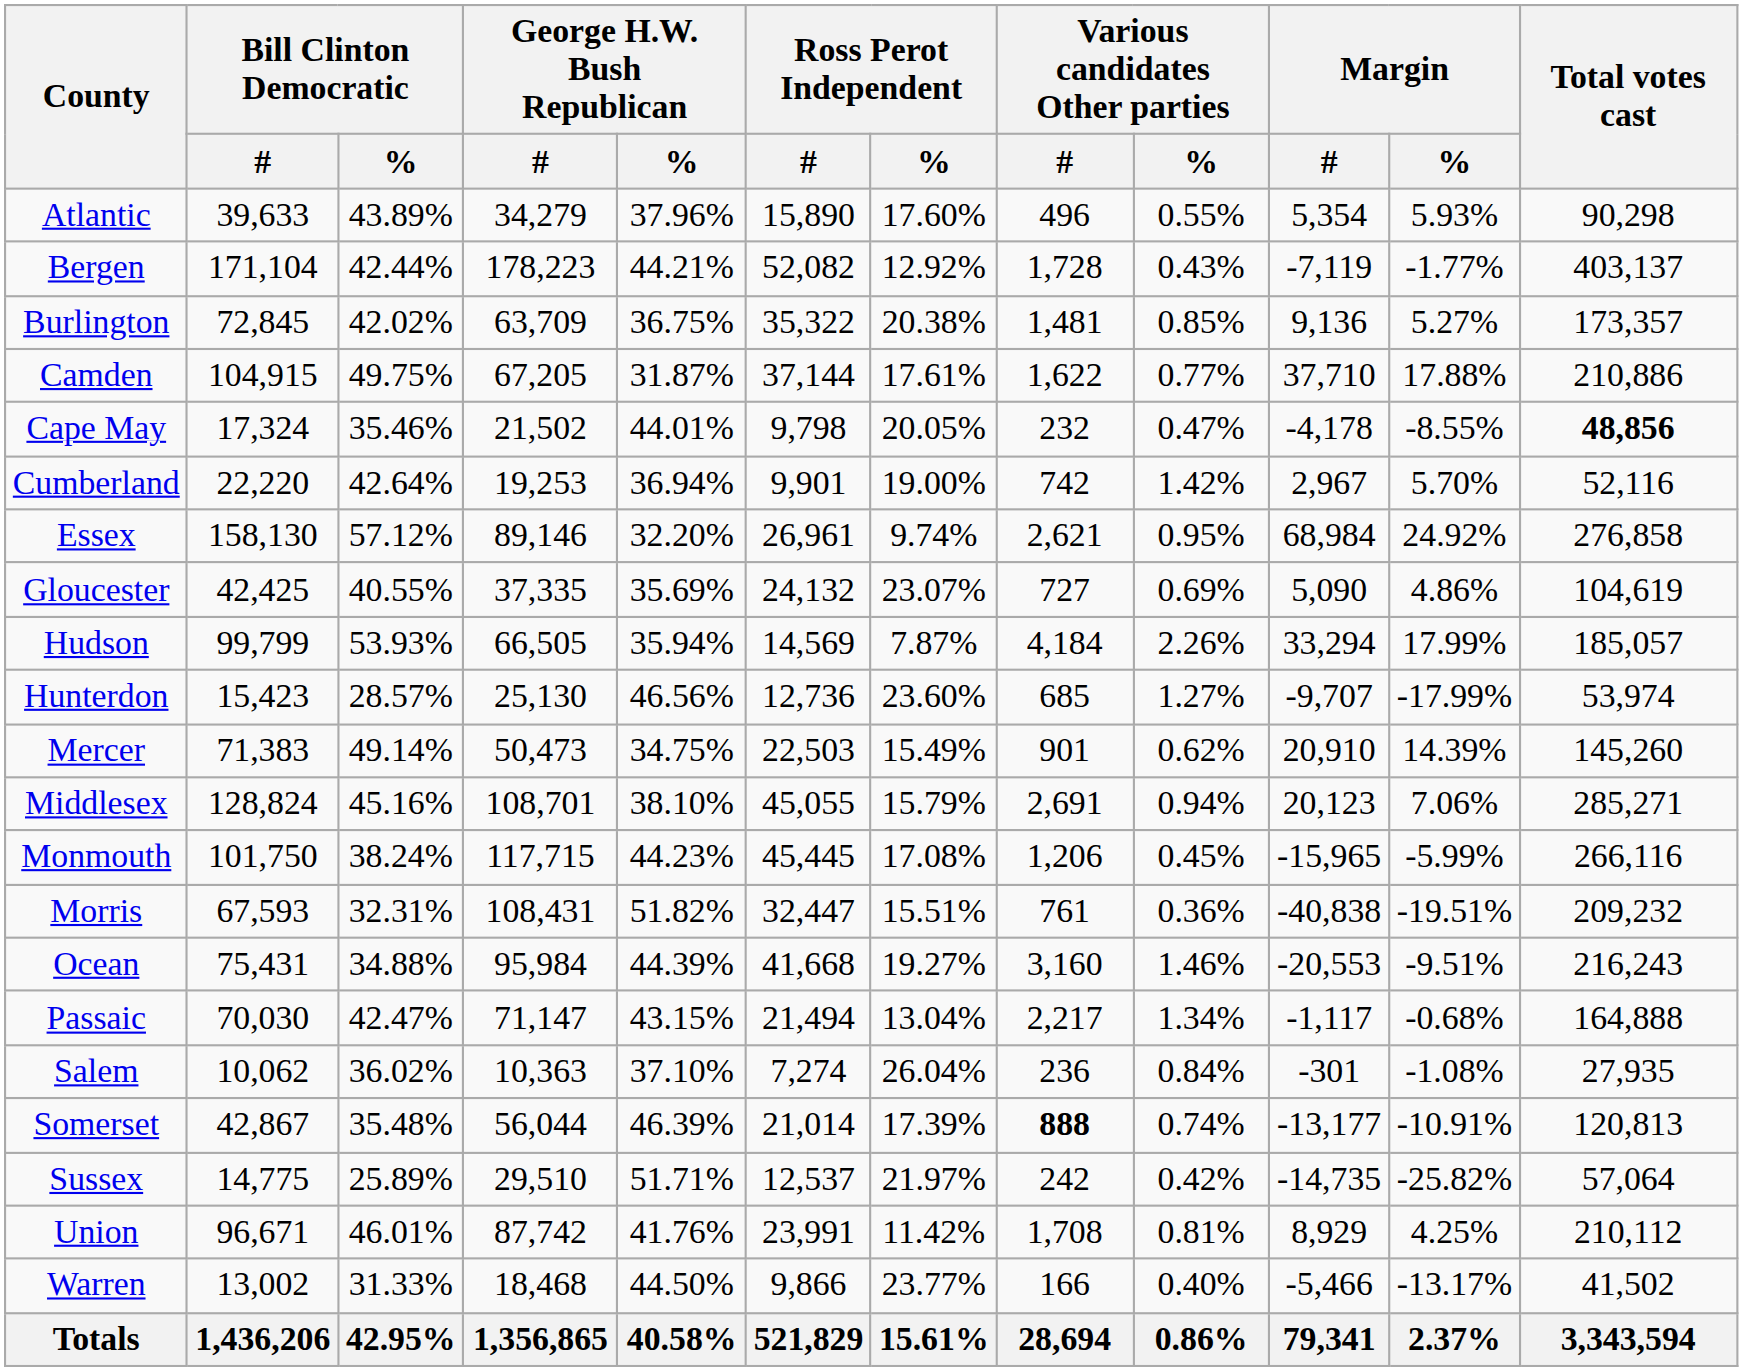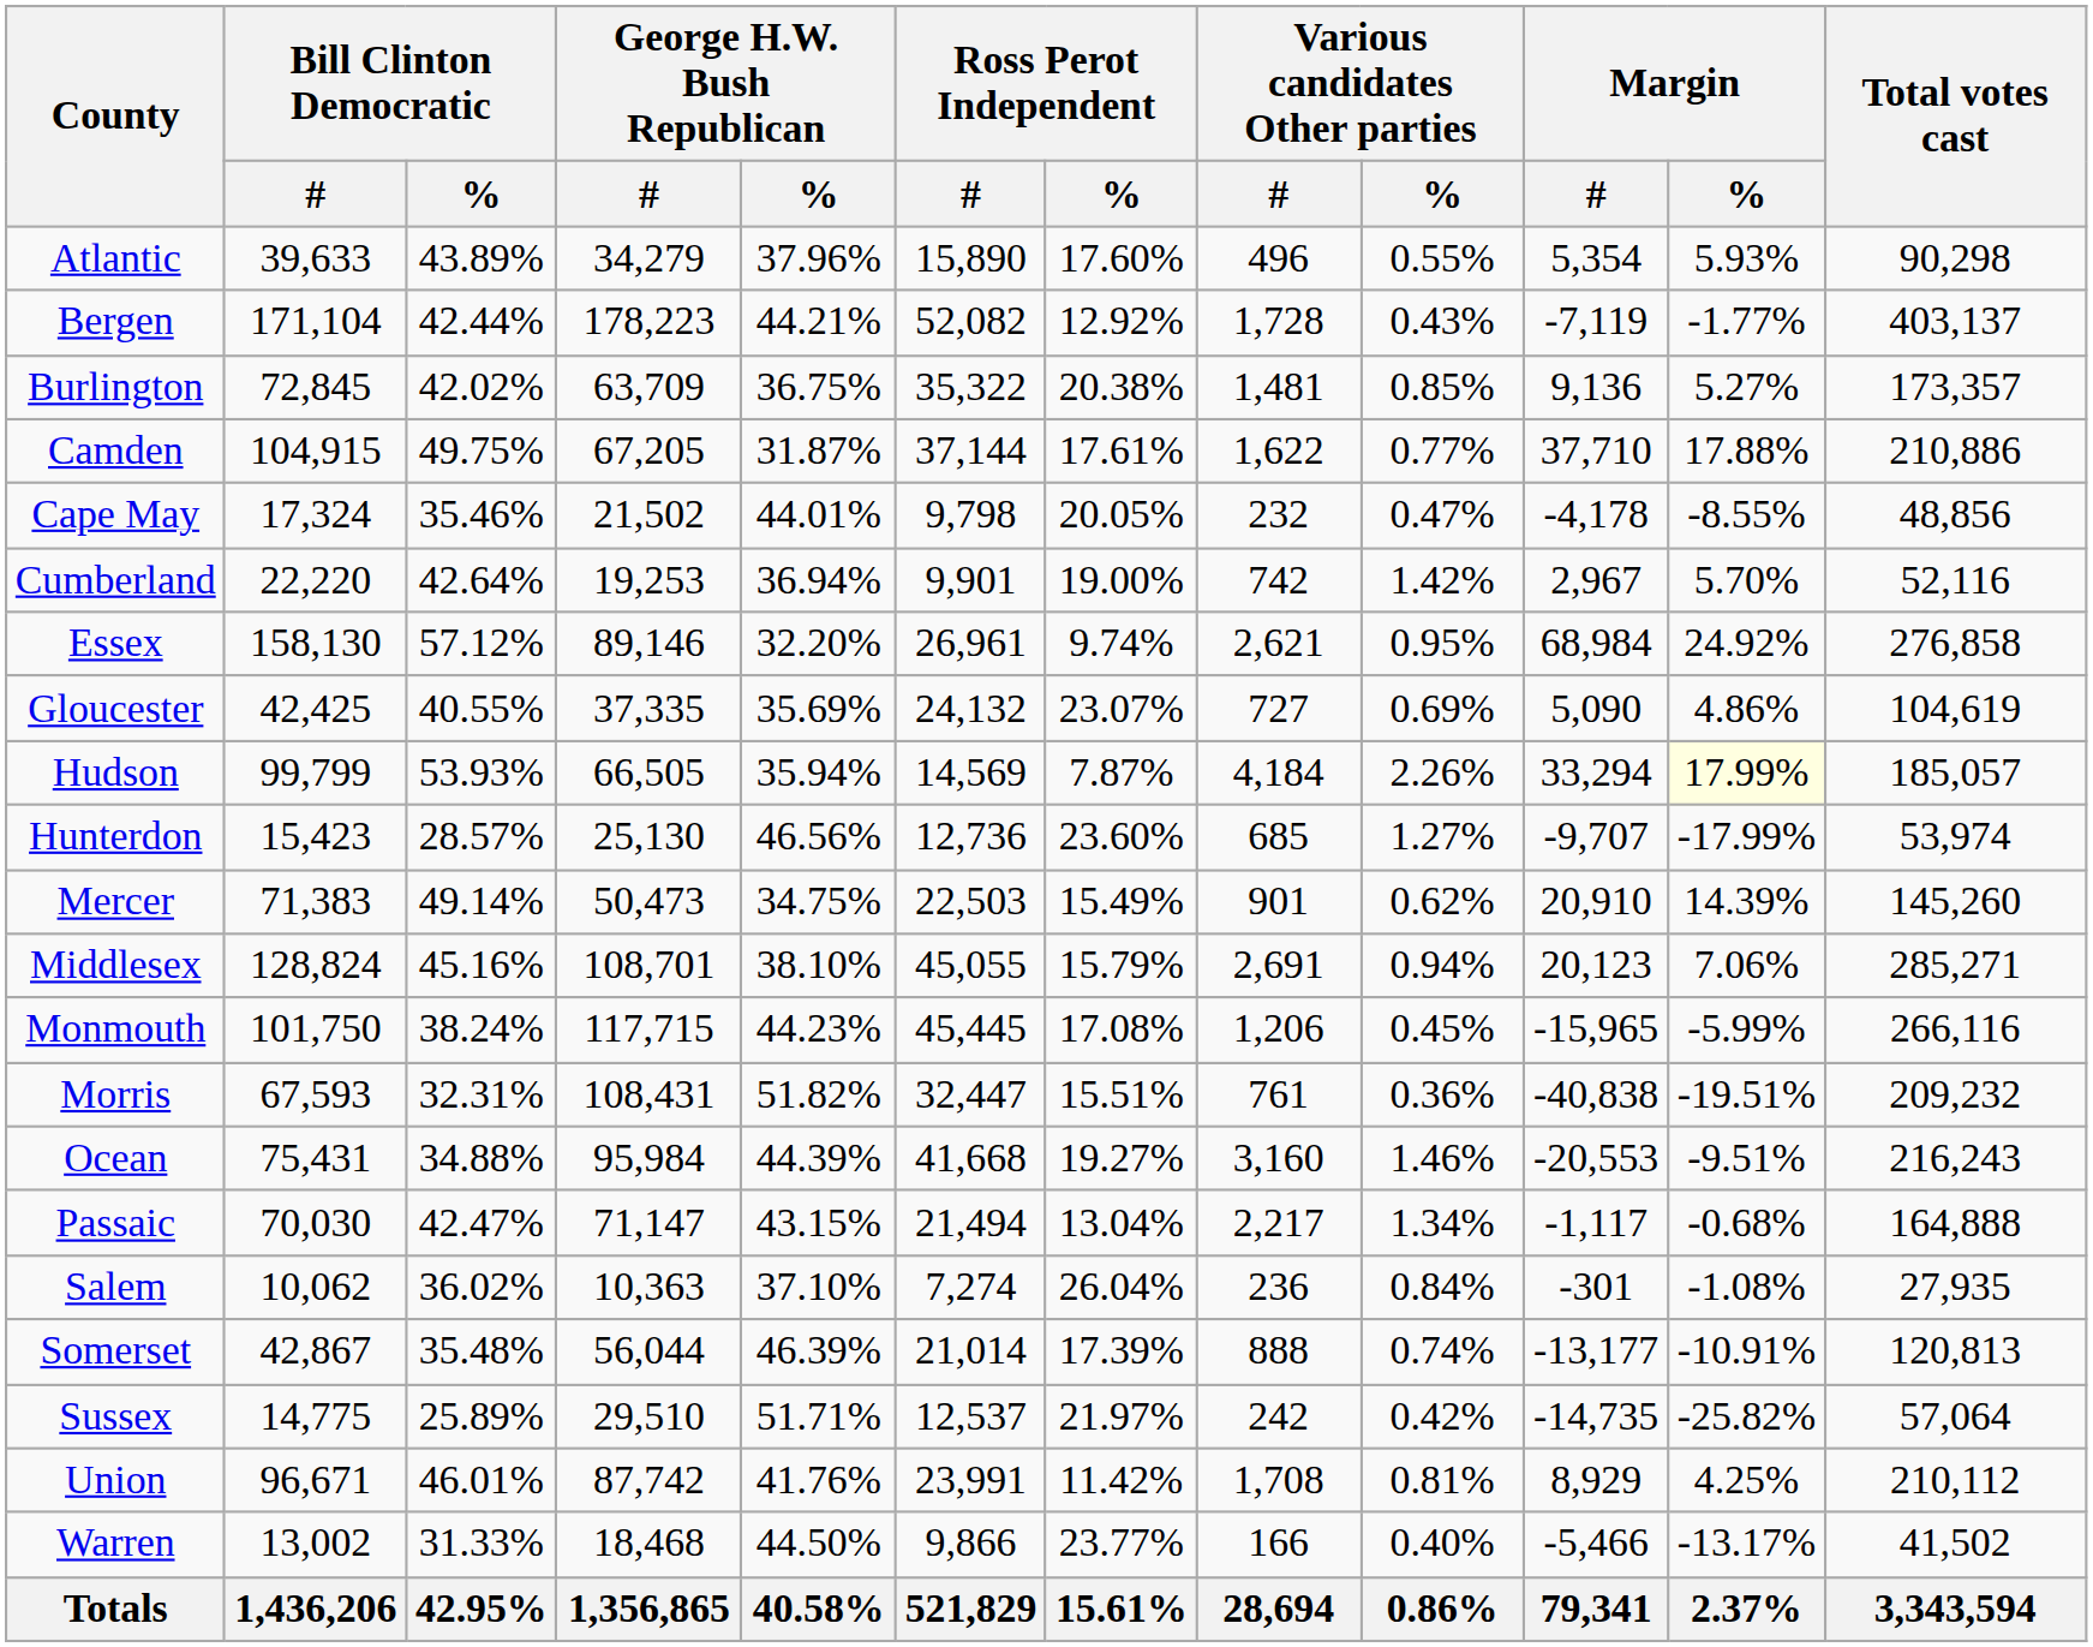 <table width="65%" class="wikitable sortable" style="text-align:center">
 <tr>
 <th style="text-align:center;" rowspan="2">County</th>
 <th style="text-align:center;" colspan="2">Bill Clinton<br>Democratic</th>
 <th style="text-align:center;" colspan="2">George H.W. Bush<br>Republican</th>
 <th style="text-align:center;" colspan="2">Ross Perot<br>Independent</th>
 <th style="text-align:center;" colspan="2">Various candidates<br>Other parties</th>
 <th style="text-align:center;" colspan="2">Margin</th>
 <th style="text-align:center;" rowspan="2">Total votes cast</th>
 </tr>
 <tr>
 <th style="text-align:center;" data-sort-type="number">#</th>
 <th style="text-align:center;" data-sort-type="number">%</th>
 <th style="text-align:center;" data-sort-type="number">#</th>
 <th style="text-align:center;" data-sort-type="number">%</th>
 <th style="text-align:center;" data-sort-type="number">#</th>
 <th style="text-align:center;" data-sort-type="number">%</th>
 <th style="text-align:center;" data-sort-type="number">#</th>
 <th style="text-align:center;" data-sort-type="number">%</th>
 <th style="text-align:center;" data-sort-type="number">#</th>
 <th style="text-align:center;" data-sort-type="number">%</th>
 </tr>
 <tr style="text-align:center;">
 <td><a href='#'>Atlantic</a></td>
 <td>39,633</td>
 <td>43.89%</td>
 <td>34,279</td>
 <td>37.96%</td>
 <td>15,890</td>
 <td>17.60%</td>
 <td>496</td>
 <td>0.55%</td>
 <td>5,354</td>
 <td>5.93%</td>
 <td>90,298</td>
 </tr>
 <tr style="text-align:center;">
 <td><a href='#'>Bergen</a></td>
 <td>171,104</td>
 <td>42.44%</td>
 <td>178,223</td>
 <td>44.21%</td>
 <td>52,082</td>
 <td>12.92%</td>
 <td>1,728</td>
 <td>0.43%</td>
 <td>-7,119</td>
 <td>-1.77%</td>
 <td>403,137</td>
 </tr>
 <tr style="text-align:center;">
 <td><a href='#'>Burlington</a></td>
 <td>72,845</td>
 <td>42.02%</td>
 <td>63,709</td>
 <td>36.75%</td>
 <td>35,322</td>
 <td>20.38%</td>
 <td>1,481</td>
 <td>0.85%</td>
 <td>9,136</td>
 <td>5.27%</td>
 <td>173,357</td>
 </tr>
 <tr style="text-align:center;">
 <td><a href='#'>Camden</a></td>
 <td>104,915</td>
 <td>49.75%</td>
 <td>67,205</td>
 <td>31.87%</td>
 <td>37,144</td>
 <td>17.61%</td>
 <td>1,622</td>
 <td>0.77%</td>
 <td>37,710</td>
 <td>17.88%</td>
 <td>210,886</td>
 </tr>
 <tr style="text-align:center;">
 <td><a href='#'>Cape May</a></td>
 <td>17,324</td>
 <td>35.46%</td>
 <td>21,502</td>
 <td>44.01%</td>
 <td>9,798</td>
 <td>20.05%</td>
 <td>232</td>
 <td>0.47%</td>
 <td>-4,178</td>
 <td>-8.55%</td>
-<td><strong>48,856</strong></td>
+<td>48,856</td>
 </tr>
 <tr style="text-align:center;">
 <td><a href='#'>Cumberland</a></td>
 <td>22,220</td>
 <td>42.64%</td>
 <td>19,253</td>
 <td>36.94%</td>
 <td>9,901</td>
 <td>19.00%</td>
 <td>742</td>
 <td>1.42%</td>
 <td>2,967</td>
 <td>5.70%</td>
 <td>52,116</td>
 </tr>
 <tr style="text-align:center;">
 <td><a href='#'>Essex</a></td>
 <td>158,130</td>
 <td>57.12%</td>
 <td>89,146</td>
 <td>32.20%</td>
 <td>26,961</td>
 <td>9.74%</td>
 <td>2,621</td>
 <td>0.95%</td>
 <td>68,984</td>
 <td>24.92%</td>
 <td>276,858</td>
 </tr>
 <tr style="text-align:center;">
 <td><a href='#'>Gloucester</a></td>
 <td>42,425</td>
 <td>40.55%</td>
 <td>37,335</td>
 <td>35.69%</td>
 <td>24,132</td>
 <td>23.07%</td>
 <td>727</td>
 <td>0.69%</td>
 <td>5,090</td>
 <td>4.86%</td>
 <td>104,619</td>
 </tr>
 <tr style="text-align:center;">
 <td><a href='#'>Hudson</a></td>
 <td>99,799</td>
 <td>53.93%</td>
 <td>66,505</td>
 <td>35.94%</td>
 <td>14,569</td>
 <td>7.87%</td>
 <td>4,184</td>
 <td>2.26%</td>
 <td>33,294</td>
-<td>17.99%</td>
+<td style="background: lightyellow;">17.99%</td>
 <td>185,057</td>
 </tr>
 <tr style="text-align:center;">
 <td><a href='#'>Hunterdon</a></td>
 <td>15,423</td>
 <td>28.57%</td>
 <td>25,130</td>
 <td>46.56%</td>
 <td>12,736</td>
 <td>23.60%</td>
 <td>685</td>
 <td>1.27%</td>
 <td>-9,707</td>
 <td>-17.99%</td>
 <td>53,974</td>
 </tr>
 <tr style="text-align:center;">
 <td><a href='#'>Mercer</a></td>
 <td>71,383</td>
 <td>49.14%</td>
 <td>50,473</td>
 <td>34.75%</td>
 <td>22,503</td>
 <td>15.49%</td>
 <td>901</td>
 <td>0.62%</td>
 <td>20,910</td>
 <td>14.39%</td>
 <td>145,260</td>
 </tr>
 <tr style="text-align:center;">
 <td><a href='#'>Middlesex</a></td>
 <td>128,824</td>
 <td>45.16%</td>
 <td>108,701</td>
 <td>38.10%</td>
 <td>45,055</td>
 <td>15.79%</td>
 <td>2,691</td>
 <td>0.94%</td>
 <td>20,123</td>
 <td>7.06%</td>
 <td>285,271</td>
 </tr>
 <tr style="text-align:center;">
 <td><a href='#'>Monmouth</a></td>
 <td>101,750</td>
 <td>38.24%</td>
 <td>117,715</td>
 <td>44.23%</td>
 <td>45,445</td>
 <td>17.08%</td>
 <td>1,206</td>
 <td>0.45%</td>
 <td>-15,965</td>
 <td>-5.99%</td>
 <td>266,116</td>
 </tr>
 <tr style="text-align:center;">
 <td><a href='#'>Morris</a></td>
 <td>67,593</td>
 <td>32.31%</td>
 <td>108,431</td>
 <td>51.82%</td>
 <td>32,447</td>
 <td>15.51%</td>
 <td>761</td>
 <td>0.36%</td>
 <td>-40,838</td>
 <td>-19.51%</td>
 <td>209,232</td>
 </tr>
 <tr style="text-align:center;">
 <td><a href='#'>Ocean</a></td>
 <td>75,431</td>
 <td>34.88%</td>
 <td>95,984</td>
 <td>44.39%</td>
 <td>41,668</td>
 <td>19.27%</td>
 <td>3,160</td>
 <td>1.46%</td>
 <td>-20,553</td>
 <td>-9.51%</td>
 <td>216,243</td>
 </tr>
 <tr style="text-align:center;">
 <td><a href='#'>Passaic</a></td>
 <td>70,030</td>
 <td>42.47%</td>
 <td>71,147</td>
 <td>43.15%</td>
 <td>21,494</td>
 <td>13.04%</td>
 <td>2,217</td>
 <td>1.34%</td>
 <td>-1,117</td>
 <td>-0.68%</td>
 <td>164,888</td>
 </tr>
 <tr style="text-align:center;">
 <td><a href='#'>Salem</a></td>
 <td>10,062</td>
 <td>36.02%</td>
 <td>10,363</td>
 <td>37.10%</td>
 <td>7,274</td>
 <td>26.04%</td>
 <td>236</td>
 <td>0.84%</td>
 <td>-301</td>
 <td>-1.08%</td>
 <td>27,935</td>
 </tr>
 <tr style="text-align:center;">
 <td><a href='#'>Somerset</a></td>
 <td>42,867</td>
 <td>35.48%</td>
 <td>56,044</td>
 <td>46.39%</td>
 <td>21,014</td>
 <td>17.39%</td>
-<td><strong>888</strong></td>
+<td>888</td>
 <td>0.74%</td>
 <td>-13,177</td>
 <td>-10.91%</td>
 <td>120,813</td>
 </tr>
 <tr style="text-align:center;">
 <td><a href='#'>Sussex</a></td>
 <td>14,775</td>
 <td>25.89%</td>
 <td>29,510</td>
 <td>51.71%</td>
 <td>12,537</td>
 <td>21.97%</td>
 <td>242</td>
 <td>0.42%</td>
 <td>-14,735</td>
 <td>-25.82%</td>
 <td>57,064</td>
 </tr>
 <tr style="text-align:center;">
 <td><a href='#'>Union</a></td>
 <td>96,671</td>
 <td>46.01%</td>
 <td>87,742</td>
 <td>41.76%</td>
 <td>23,991</td>
 <td>11.42%</td>
 <td>1,708</td>
 <td>0.81%</td>
 <td>8,929</td>
 <td>4.25%</td>
 <td>210,112</td>
 </tr>
 <tr style="text-align:center;">
 <td><a href='#'>Warren</a></td>
 <td>13,002</td>
 <td>31.33%</td>
 <td>18,468</td>
 <td>44.50%</td>
 <td>9,866</td>
 <td>23.77%</td>
 <td>166</td>
 <td>0.40%</td>
 <td>-5,466</td>
 <td>-13.17%</td>
 <td>41,502</td>
 </tr>
 <tr style="text-align:center;">
 <th>Totals</th>
 <th>1,436,206</th>
 <th>42.95%</th>
 <th>1,356,865</th>
 <th>40.58%</th>
 <th>521,829</th>
 <th>15.61%</th>
 <th>28,694</th>
 <th>0.86%</th>
 <th>79,341</th>
 <th>2.37%</th>
 <th>3,343,594</th>
 </tr>
 </table>
